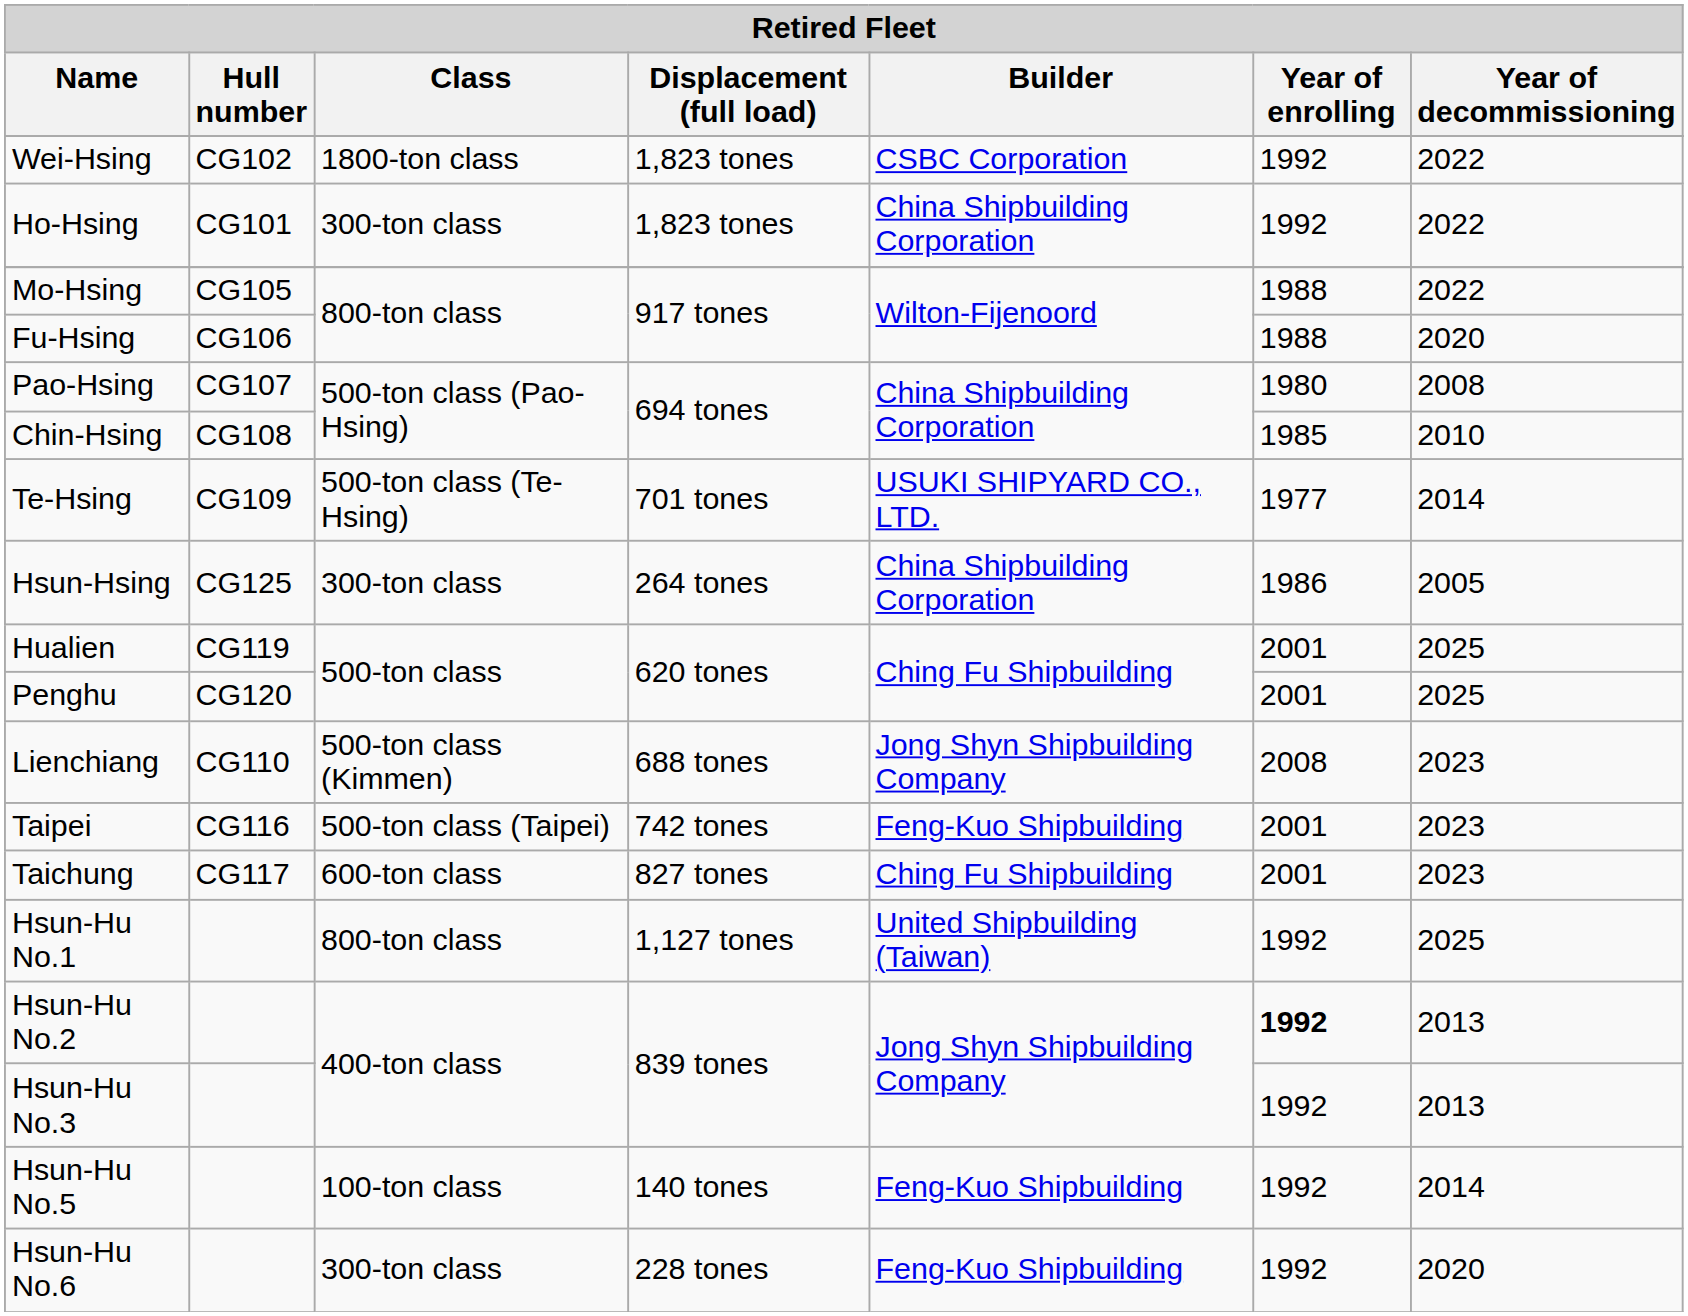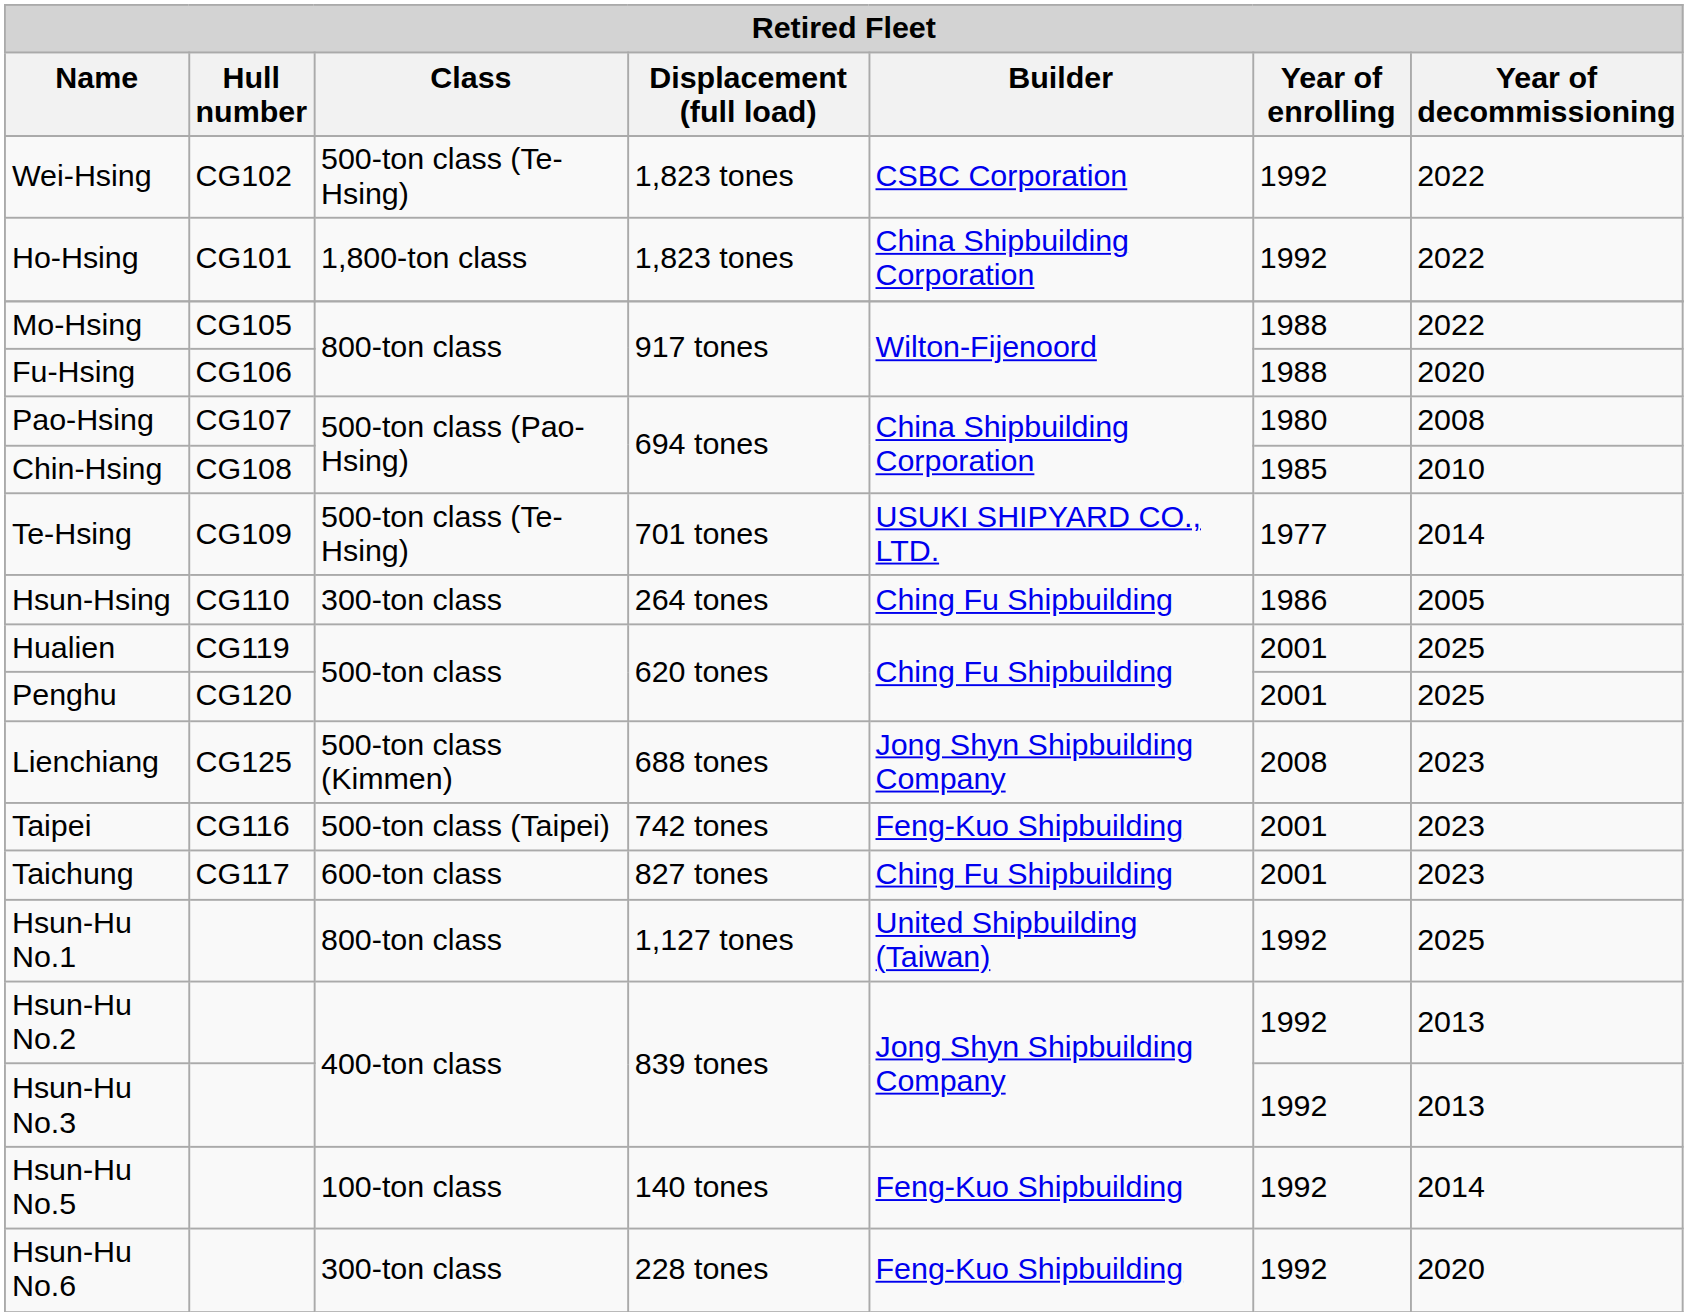 <table class="wikitable sortable" style="margin-left:auto;margin-right:auto;text-align: left;">
 <tr>
 <th style="align: center; background:#D3D3D3;" colspan="8">Retired Fleet</th>
 </tr>
 <tr valign="top">
 <th style="width: 6em" class="unsortable">Name</th>
 <th style="width: 2.5em">Hull number</th>
 <th style="width: 13em" data-sort-type="number">Class</th>
 <th style="width: 8em" data-sort-type="number">Displacement (full load)</th>
 <th style="width: 16em">Builder</th>
 <th style="width: 5em">Year of enrolling</th>
 <th style="width: 5em">Year of decommissioning</th>
 </tr>
 <tr valign="top">
 </tr>
 <tr>
 <td>Wei-Hsing</td>
 <td>CG102</td>
-<td>1800-ton class</td>
+<td>500-ton class (Te-Hsing)</td>
 <td>1,823 tones</td>
 <td><a href='#'>CSBC Corporation</a></td>
 <td>1992</td>
 <td>2022</td>
 </tr>
 <tr>
 <td>Ho-Hsing</td>
 <td>CG101</td>
-<td>300-ton class</td>
+<td>1,800-ton class</td>
 <td>1,823 tones</td>
 <td><a href='#'>China Shipbuilding Corporation</a></td>
 <td>1992</td>
 <td>2022</td>
 </tr>
 <tr>
 </tr>
 <tr>
 <td>Mo-Hsing</td>
 <td>CG105</td>
 <td rowspan = "2">800-ton class</td>
 <td rowspan = "2">917 tones</td>
 <td rowspan = "2"><a href='#'>Wilton-Fijenoord</a></td>
 <td>1988</td>
 <td>2022</td>
 </tr>
 <tr>
 <td>Fu-Hsing</td>
 <td>CG106</td>
 <td>1988</td>
 <td>2020</td>
 </tr>
 <tr>
 <td>Pao-Hsing</td>
 <td>CG107</td>
 <td rowspan = "2">500-ton class (Pao-Hsing)</td>
 <td rowspan = "2">694 tones</td>
 <td rowspan = "2"><a href='#'>China Shipbuilding Corporation</a></td>
 <td>1980</td>
 <td>2008</td>
 </tr>
 <tr>
 <td>Chin-Hsing</td>
 <td>CG108</td>
 <td>1985</td>
 <td>2010</td>
 </tr>
 <tr>
 <td>Te-Hsing</td>
 <td>CG109</td>
 <td>500-ton class (Te-Hsing)</td>
 <td>701 tones</td>
 <td><a href='#'>USUKI SHIPYARD CO., LTD.</a></td>
 <td>1977</td>
 <td>2014</td>
 </tr>
 <tr>
 <td>Hsun-Hsing</td>
-<td>CG125</td>
+<td>CG110</td>
 <td>300-ton class</td>
 <td>264 tones</td>
-<td><a href='#'>China Shipbuilding Corporation</a></td>
+<td><a href='#'>Ching Fu Shipbuilding</a></td>
 <td>1986</td>
 <td>2005</td>
 </tr>
 <tr>
 <td>Hualien</td>
 <td>CG119</td>
 <td rowspan = "2">500-ton class</td>
 <td rowspan = "2">620 tones</td>
 <td rowspan = "2"><a href='#'>Ching Fu Shipbuilding</a></td>
 <td>2001</td>
 <td>2025</td>
 </tr>
 <tr>
 <td>Penghu</td>
 <td>CG120</td>
 <td>2001</td>
 <td>2025</td>
 </tr>
 <tr>
 <td>Lienchiang</td>
-<td>CG110</td>
+<td>CG125</td>
 <td>500-ton class (Kimmen)</td>
 <td>688 tones</td>
 <td><a href='#'>Jong Shyn Shipbuilding Company</a></td>
 <td>2008</td>
 <td>2023</td>
 </tr>
 <tr>
 <td>Taipei</td>
 <td>CG116</td>
 <td>500-ton class (Taipei)</td>
 <td>742 tones</td>
 <td><a href='#'>Feng-Kuo Shipbuilding</a></td>
 <td>2001</td>
 <td>2023</td>
 </tr>
 <tr>
 <td>Taichung</td>
 <td>CG117</td>
 <td>600-ton class</td>
 <td>827 tones</td>
 <td><a href='#'>Ching Fu Shipbuilding</a></td>
 <td>2001</td>
 <td>2023</td>
 </tr>
 <tr>
 <td>Hsun-Hu No.1</td>
 <td></td>
 <td>800-ton class</td>
 <td>1,127 tones</td>
 <td><a href='#'>United Shipbuilding (Taiwan)</a></td>
 <td>1992</td>
 <td>2025</td>
 </tr>
 <tr>
 <td>Hsun-Hu No.2</td>
 <td></td>
 <td rowspan = "2">400-ton class</td>
 <td rowspan = "2">839 tones</td>
 <td rowspan = "2"><a href='#'>Jong Shyn Shipbuilding Company</a></td>
-<td><strong>1992</strong></td>
+<td>1992</td>
 <td>2013</td>
 </tr>
 <tr>
 <td>Hsun-Hu No.3</td>
 <td></td>
 <td>1992</td>
 <td>2013</td>
 </tr>
 <tr>
 <td>Hsun-Hu No.5</td>
 <td></td>
 <td>100-ton class</td>
 <td>140 tones</td>
 <td><a href='#'>Feng-Kuo Shipbuilding</a></td>
 <td>1992</td>
 <td>2014</td>
 </tr>
 <tr>
 <td>Hsun-Hu No.6</td>
 <td></td>
 <td>300-ton class</td>
 <td>228 tones</td>
 <td><a href='#'>Feng-Kuo Shipbuilding</a></td>
 <td>1992</td>
 <td>2020</td>
 </tr>
 </table>
